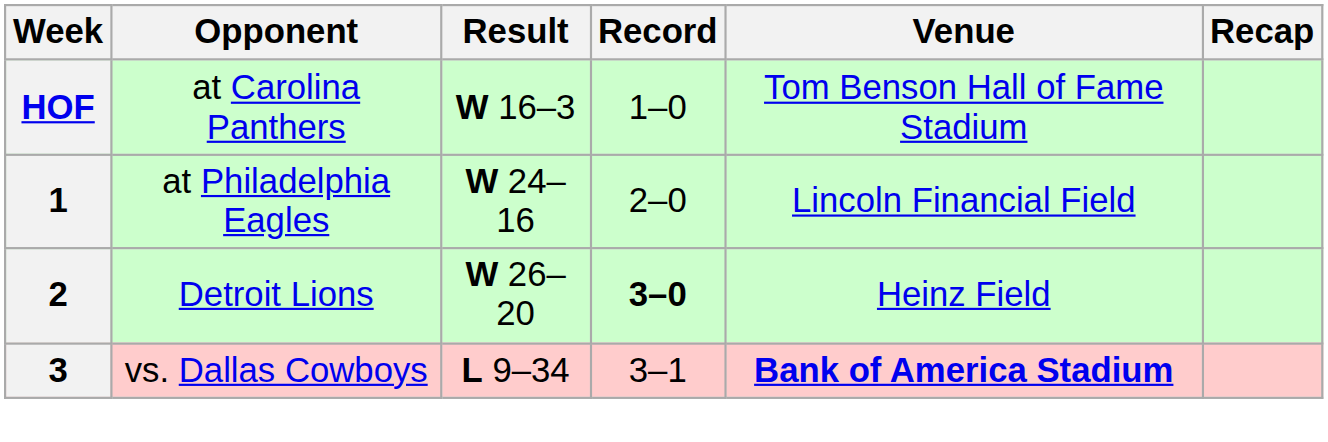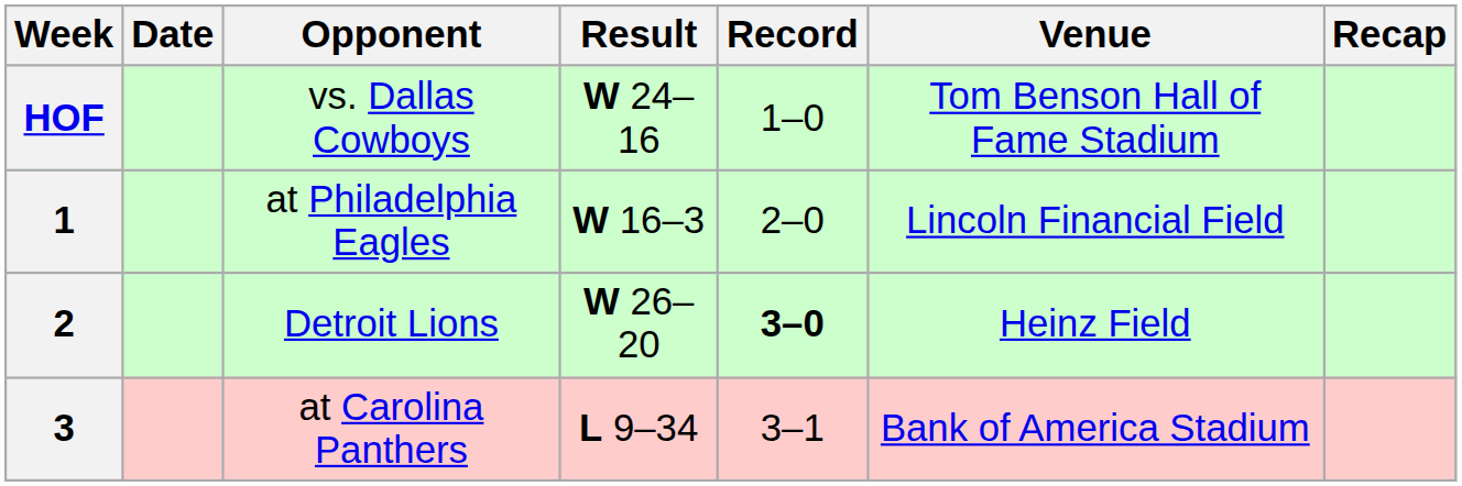 <table class="wikitable" style="text-align:center">
 <tr>
 <th>Week</th>
+<th>Date</th>
 <th>Opponent</th>
 <th>Result</th>
 <th>Record</th>
 <th>Venue</th>
 <th>Recap</th>
 </tr>
 <tr style="background:#cfc">
 <th><a href='#'>HOF</a></th>
-<td>at <a href='#'>Carolina Panthers</a></td>
-<td><strong>W</strong> 16–3</td>
+<td></td>
+<td>vs. <a href='#'>Dallas Cowboys</a></td>
+<td><strong>W</strong> 24–16</td>
 <td>1–0</td>
 <td><a href='#'>Tom Benson Hall of Fame Stadium</a> </td>
 <td></td>
 </tr>
 <tr style="background:#cfc">
 <th>1</th>
+<td></td>
 <td>at <a href='#'>Philadelphia Eagles</a></td>
-<td><strong>W</strong> 24–16</td>
+<td><strong>W</strong> 16–3</td>
 <td>2–0</td>
 <td><a href='#'>Lincoln Financial Field</a></td>
 <td></td>
 </tr>
 <tr style="background:#cfc">
 <th>2</th>
+<td></td>
 <td><a href='#'>Detroit Lions</a></td>
 <td><strong>W</strong> 26–20</td>
 <td><strong>3–0</strong></td>
 <td><a href='#'>Heinz Field</a></td>
 <td></td>
 </tr>
 <tr style="background:#fcc">
 <th>3</th>
-<td>vs. <a href='#'>Dallas Cowboys</a></td>
+<td></td>
+<td>at <a href='#'>Carolina Panthers</a></td>
 <td><strong>L</strong> 9–34</td>
 <td>3–1</td>
-<td><strong><a href='#'>Bank of America Stadium</a></strong></td>
+<td><a href='#'>Bank of America Stadium</a></td>
 <td></td>
 </tr>
 </table>
